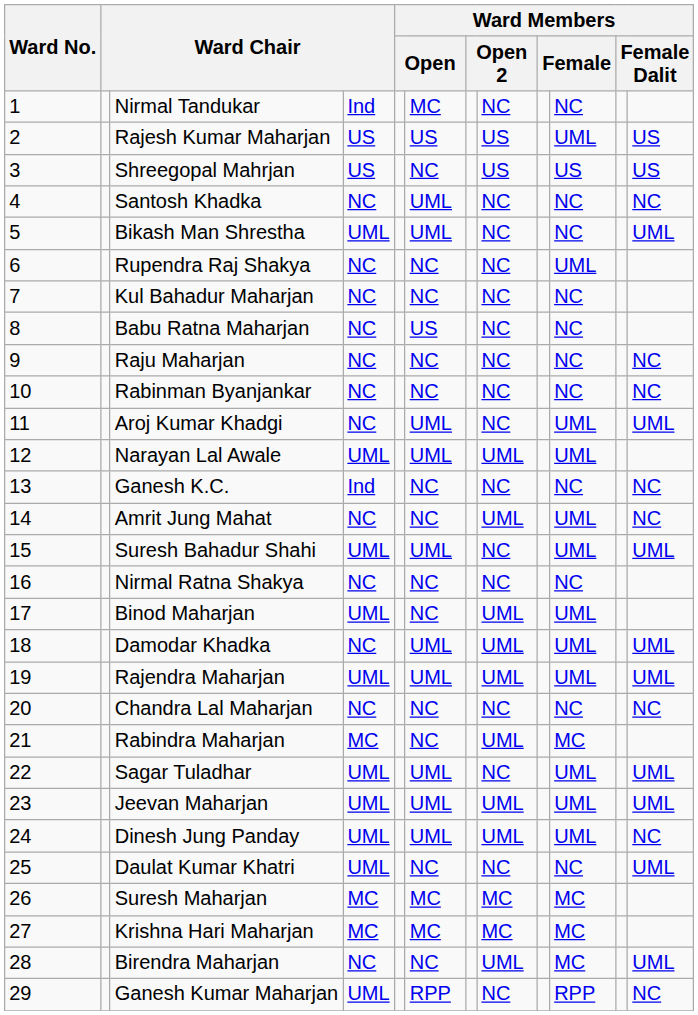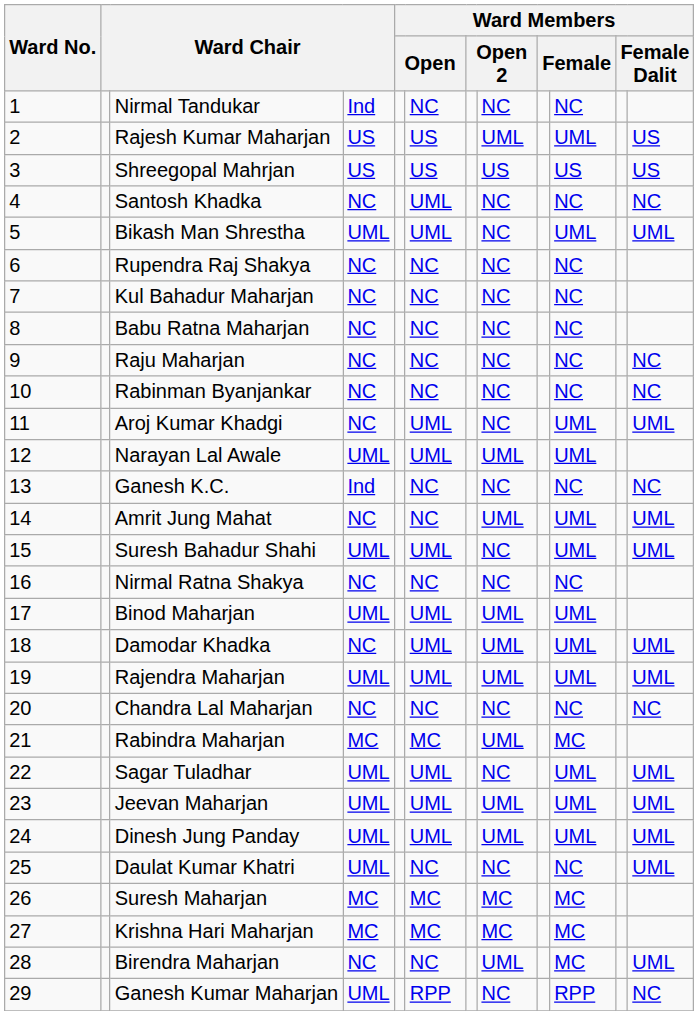 <table class="wikitable">
 <tr>
 <th rowspan="2">Ward No.</th>
 <th colspan="3" rowspan="2">Ward Chair</th>
 <th colspan="8">Ward Members</th>
 </tr>
 <tr>
 <th colspan="2" width="50px">Open</th>
 <th colspan="2" width="50px">Open 2</th>
 <th colspan="2" width="50px">Female</th>
 <th colspan="2" width="50px">Female Dalit</th>
 </tr>
 <tr>
 <td>1</td>
 <td style="background-color:"><br></td>
 <td>Nirmal Tandukar</td>
 <td><a href='#'>Ind</a></td>
 <td style="background-color:"><br></td>
-<td><a href='#'>MC</a></td>
+<td><a href='#'>NC</a></td>
 <td style="background-color:"><br></td>
 <td><a href='#'>NC</a></td>
 <td style="background-color:"><br></td>
 <td><a href='#'>NC</a></td>
 <td></td>
 <td></td>
 </tr>
 <tr>
 <td>2</td>
 <td style="background-color:"><br></td>
 <td>Rajesh Kumar Maharjan</td>
 <td><a href='#'>US</a></td>
 <td style="background-color:"><br></td>
 <td><a href='#'>US</a></td>
 <td style="background-color:"><br></td>
-<td><a href='#'>US</a></td>
+<td><a href='#'>UML</a></td>
 <td style="background-color:"><br></td>
 <td><a href='#'>UML</a></td>
 <td style="background-color:"><br></td>
 <td><a href='#'>US</a></td>
 </tr>
 <tr>
 <td>3</td>
 <td style="background-color:"><br></td>
 <td>Shreegopal Mahrjan</td>
 <td><a href='#'>US</a></td>
 <td style="background-color:"><br></td>
-<td><a href='#'>NC</a></td>
+<td><a href='#'>US</a></td>
 <td style="background-color:"><br></td>
 <td><a href='#'>US</a></td>
 <td style="background-color:"><br></td>
 <td><a href='#'>US</a></td>
 <td style="background-color:"><br></td>
 <td><a href='#'>US</a></td>
 </tr>
 <tr>
 <td>4</td>
 <td style="background-color:"><br></td>
 <td>Santosh Khadka</td>
 <td><a href='#'>NC</a></td>
 <td style="background-color:"><br></td>
 <td><a href='#'>UML</a></td>
 <td style="background-color:"><br></td>
 <td><a href='#'>NC</a></td>
 <td style="background-color:"><br></td>
 <td><a href='#'>NC</a></td>
 <td style="background-color:"><br></td>
 <td><a href='#'>NC</a></td>
 </tr>
 <tr>
 <td>5</td>
 <td style="background-color:"><br></td>
 <td>Bikash Man Shrestha</td>
 <td><a href='#'>UML</a></td>
 <td style="background-color:"><br></td>
 <td><a href='#'>UML</a></td>
 <td style="background-color:"><br></td>
 <td><a href='#'>NC</a></td>
 <td style="background-color:"><br></td>
-<td><a href='#'>NC</a></td>
+<td><a href='#'>UML</a></td>
 <td style="background-color:"><br></td>
 <td><a href='#'>UML</a></td>
 </tr>
 <tr>
 <td>6</td>
 <td style="background-color:"><br></td>
 <td>Rupendra Raj Shakya</td>
 <td><a href='#'>NC</a></td>
 <td style="background-color:"><br></td>
 <td><a href='#'>NC</a></td>
 <td style="background-color:"><br></td>
 <td><a href='#'>NC</a></td>
 <td style="background-color:"><br></td>
-<td><a href='#'>UML</a></td>
+<td><a href='#'>NC</a></td>
 <td></td>
 <td></td>
 </tr>
 <tr>
 <td>7</td>
 <td style="background-color:"><br></td>
 <td>Kul Bahadur Maharjan</td>
 <td><a href='#'>NC</a></td>
 <td style="background-color:"><br></td>
 <td><a href='#'>NC</a></td>
 <td style="background-color:"><br></td>
 <td><a href='#'>NC</a></td>
 <td style="background-color:"><br></td>
 <td><a href='#'>NC</a></td>
 <td></td>
 <td></td>
 </tr>
 <tr>
 <td>8</td>
 <td style="background-color:"><br></td>
 <td>Babu Ratna Maharjan</td>
 <td><a href='#'>NC</a></td>
 <td style="background-color:"><br></td>
-<td><a href='#'>US</a></td>
+<td><a href='#'>NC</a></td>
 <td style="background-color:"><br></td>
 <td><a href='#'>NC</a></td>
 <td style="background-color:"><br></td>
 <td><a href='#'>NC</a></td>
 <td></td>
 <td></td>
 </tr>
 <tr>
 <td>9</td>
 <td style="background-color:"><br></td>
 <td>Raju Maharjan</td>
 <td><a href='#'>NC</a></td>
 <td style="background-color:"><br></td>
 <td><a href='#'>NC</a></td>
 <td style="background-color:"><br></td>
 <td><a href='#'>NC</a></td>
 <td style="background-color:"><br></td>
 <td><a href='#'>NC</a></td>
 <td style="background-color:"><br></td>
 <td><a href='#'>NC</a></td>
 </tr>
 <tr>
 <td>10</td>
 <td style="background-color:"><br></td>
 <td>Rabinman Byanjankar</td>
 <td><a href='#'>NC</a></td>
 <td style="background-color:"><br></td>
 <td><a href='#'>NC</a></td>
 <td style="background-color:"><br></td>
 <td><a href='#'>NC</a></td>
 <td style="background-color:"><br></td>
 <td><a href='#'>NC</a></td>
 <td style="background-color:"><br></td>
 <td><a href='#'>NC</a></td>
 </tr>
 <tr>
 <td>11</td>
 <td style="background-color:"><br></td>
 <td>Aroj Kumar Khadgi</td>
 <td><a href='#'>NC</a></td>
 <td style="background-color:"><br></td>
 <td><a href='#'>UML</a></td>
 <td style="background-color:"><br></td>
 <td><a href='#'>NC</a></td>
 <td style="background-color:"><br></td>
 <td><a href='#'>UML</a></td>
 <td style="background-color:"><br></td>
 <td><a href='#'>UML</a></td>
 </tr>
 <tr>
 <td>12</td>
 <td style="background-color:"><br></td>
 <td>Narayan Lal Awale</td>
 <td><a href='#'>UML</a></td>
 <td style="background-color:"><br></td>
 <td><a href='#'>UML</a></td>
 <td style="background-color:"><br></td>
 <td><a href='#'>UML</a></td>
 <td style="background-color:"><br></td>
 <td><a href='#'>UML</a></td>
 <td></td>
 <td></td>
 </tr>
 <tr>
 <td>13</td>
 <td style="background-color:"><br></td>
 <td>Ganesh K.C.</td>
 <td><a href='#'>Ind</a></td>
 <td style="background-color:"><br></td>
 <td><a href='#'>NC</a></td>
 <td style="background-color:"><br></td>
 <td><a href='#'>NC</a></td>
 <td style="background-color:"><br></td>
 <td><a href='#'>NC</a></td>
 <td style="background-color:"><br></td>
 <td><a href='#'>NC</a></td>
 </tr>
 <tr>
 <td>14</td>
 <td style="background-color:"><br></td>
 <td>Amrit Jung Mahat</td>
 <td><a href='#'>NC</a></td>
 <td style="background-color:"><br></td>
 <td><a href='#'>NC</a></td>
 <td style="background-color:"><br></td>
 <td><a href='#'>UML</a></td>
 <td style="background-color:"><br></td>
 <td><a href='#'>UML</a></td>
 <td style="background-color:"><br></td>
-<td><a href='#'>NC</a></td>
+<td><a href='#'>UML</a></td>
 </tr>
 <tr>
 <td>15</td>
 <td style="background-color:"><br></td>
 <td>Suresh Bahadur Shahi</td>
 <td><a href='#'>UML</a></td>
 <td style="background-color:"><br></td>
 <td><a href='#'>UML</a></td>
 <td style="background-color:"><br></td>
 <td><a href='#'>NC</a></td>
 <td style="background-color:"><br></td>
 <td><a href='#'>UML</a></td>
 <td style="background-color:"><br></td>
 <td><a href='#'>UML</a></td>
 </tr>
 <tr>
 <td>16</td>
 <td style="background-color:"><br></td>
 <td>Nirmal Ratna Shakya</td>
 <td><a href='#'>NC</a></td>
 <td style="background-color:"><br></td>
 <td><a href='#'>NC</a></td>
 <td style="background-color:"><br></td>
 <td><a href='#'>NC</a></td>
 <td style="background-color:"><br></td>
 <td><a href='#'>NC</a></td>
 <td></td>
 <td></td>
 </tr>
 <tr>
 <td>17</td>
 <td style="background-color:"><br></td>
 <td>Binod Maharjan</td>
 <td><a href='#'>UML</a></td>
 <td style="background-color:"><br></td>
-<td><a href='#'>NC</a></td>
+<td><a href='#'>UML</a></td>
 <td style="background-color:"><br></td>
 <td><a href='#'>UML</a></td>
 <td style="background-color:"><br></td>
 <td><a href='#'>UML</a></td>
 <td></td>
 <td></td>
 </tr>
 <tr>
 <td>18</td>
 <td style="background-color:"><br></td>
 <td>Damodar Khadka</td>
 <td><a href='#'>NC</a></td>
 <td style="background-color:"><br></td>
 <td><a href='#'>UML</a></td>
 <td style="background-color:"><br></td>
 <td><a href='#'>UML</a></td>
 <td style="background-color:"><br></td>
 <td><a href='#'>UML</a></td>
 <td style="background-color:"><br></td>
 <td><a href='#'>UML</a></td>
 </tr>
 <tr>
 <td>19</td>
 <td style="background-color:"><br></td>
 <td>Rajendra Maharjan</td>
 <td><a href='#'>UML</a></td>
 <td style="background-color:"><br></td>
 <td><a href='#'>UML</a></td>
 <td style="background-color:"><br></td>
 <td><a href='#'>UML</a></td>
 <td style="background-color:"><br></td>
 <td><a href='#'>UML</a></td>
 <td style="background-color:"><br></td>
 <td><a href='#'>UML</a></td>
 </tr>
 <tr>
 <td>20</td>
 <td style="background-color:"><br></td>
 <td>Chandra Lal Maharjan</td>
 <td><a href='#'>NC</a></td>
 <td style="background-color:"><br></td>
 <td><a href='#'>NC</a></td>
 <td style="background-color:"><br></td>
 <td><a href='#'>NC</a></td>
 <td style="background-color:"><br></td>
 <td><a href='#'>NC</a></td>
 <td style="background-color:"><br></td>
 <td><a href='#'>NC</a></td>
 </tr>
 <tr>
 <td>21</td>
 <td style="background-color:"><br></td>
 <td>Rabindra Maharjan</td>
 <td><a href='#'>MC</a></td>
 <td style="background-color:"><br></td>
-<td><a href='#'>NC</a></td>
+<td><a href='#'>MC</a></td>
 <td style="background-color:"><br></td>
 <td><a href='#'>UML</a></td>
 <td style="background-color:"><br></td>
 <td><a href='#'>MC</a></td>
 <td></td>
 <td></td>
 </tr>
 <tr>
 <td>22</td>
 <td style="background-color:"><br></td>
 <td>Sagar Tuladhar</td>
 <td><a href='#'>UML</a></td>
 <td style="background-color:"><br></td>
 <td><a href='#'>UML</a></td>
 <td style="background-color:"><br></td>
 <td><a href='#'>NC</a></td>
 <td style="background-color:"><br></td>
 <td><a href='#'>UML</a></td>
 <td style="background-color:"><br></td>
 <td><a href='#'>UML</a></td>
 </tr>
 <tr>
 <td>23</td>
 <td style="background-color:"><br></td>
 <td>Jeevan Maharjan</td>
 <td><a href='#'>UML</a></td>
 <td style="background-color:"><br></td>
 <td><a href='#'>UML</a></td>
 <td style="background-color:"><br></td>
 <td><a href='#'>UML</a></td>
 <td style="background-color:"><br></td>
 <td><a href='#'>UML</a></td>
 <td style="background-color:"><br></td>
 <td><a href='#'>UML</a></td>
 </tr>
 <tr>
 <td>24</td>
 <td style="background-color:"><br></td>
 <td>Dinesh Jung Panday</td>
 <td><a href='#'>UML</a></td>
 <td style="background-color:"><br></td>
 <td><a href='#'>UML</a></td>
 <td style="background-color:"><br></td>
 <td><a href='#'>UML</a></td>
 <td style="background-color:"><br></td>
 <td><a href='#'>UML</a></td>
 <td style="background-color:"><br></td>
-<td><a href='#'>NC</a></td>
+<td><a href='#'>UML</a></td>
 </tr>
 <tr>
 <td>25</td>
 <td style="background-color:"><br></td>
 <td>Daulat Kumar Khatri</td>
 <td><a href='#'>UML</a></td>
 <td style="background-color:"><br></td>
 <td><a href='#'>NC</a></td>
 <td style="background-color:"><br></td>
 <td><a href='#'>NC</a></td>
 <td style="background-color:"><br></td>
 <td><a href='#'>NC</a></td>
 <td style="background-color:"><br></td>
 <td><a href='#'>UML</a></td>
 </tr>
 <tr>
 <td>26</td>
 <td style="background-color:"><br></td>
 <td>Suresh Maharjan</td>
 <td><a href='#'>MC</a></td>
 <td style="background-color:"><br></td>
 <td><a href='#'>MC</a></td>
 <td style="background-color:"><br></td>
 <td><a href='#'>MC</a></td>
 <td style="background-color:"><br></td>
 <td><a href='#'>MC</a></td>
 <td></td>
 <td></td>
 </tr>
 <tr>
 <td>27</td>
 <td style="background-color:"><br></td>
 <td>Krishna Hari Maharjan</td>
 <td><a href='#'>MC</a></td>
 <td style="background-color:"><br></td>
 <td><a href='#'>MC</a></td>
 <td style="background-color:"><br></td>
 <td><a href='#'>MC</a></td>
 <td style="background-color:"><br></td>
 <td><a href='#'>MC</a></td>
 <td></td>
 <td></td>
 </tr>
 <tr>
 <td>28</td>
 <td style="background-color:"><br></td>
 <td>Birendra Maharjan</td>
 <td><a href='#'>NC</a></td>
 <td style="background-color:"><br></td>
 <td><a href='#'>NC</a></td>
 <td style="background-color:"><br></td>
 <td><a href='#'>UML</a></td>
 <td style="background-color:"><br></td>
 <td><a href='#'>MC</a></td>
 <td style="background-color:"><br></td>
 <td><a href='#'>UML</a></td>
 </tr>
 <tr>
 <td>29</td>
 <td style="background-color:"><br></td>
 <td>Ganesh Kumar Maharjan</td>
 <td><a href='#'>UML</a></td>
 <td style="background-color:"><br></td>
 <td><a href='#'>RPP</a></td>
 <td style="background-color:"><br></td>
 <td><a href='#'>NC</a></td>
 <td style="background-color:"><br></td>
 <td><a href='#'>RPP</a></td>
 <td style="background-color:"><br></td>
 <td><a href='#'>NC</a></td>
 </tr>
 </table>
